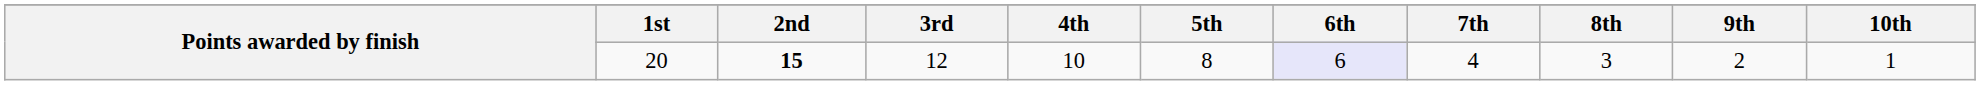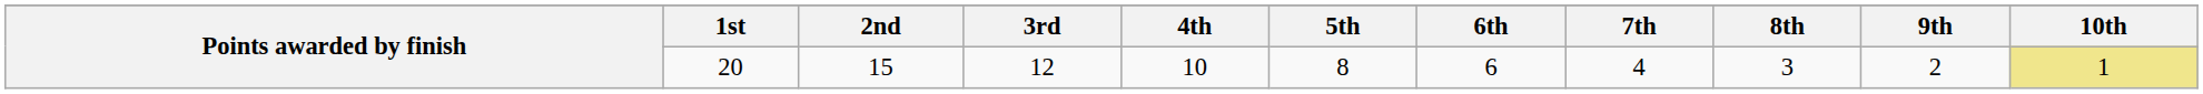 <table class="wikitable" width=100% style="text-align:center;font-size:90%;">
 <tr>
 </tr>
 <tr style="background:#efefef;">
 <th rowspan=2 width=30%>Points awarded by finish</th>
 <th>1st</th>
 <th>2nd</th>
 <th>3rd</th>
 <th>4th</th>
 <th>5th</th>
 <th>6th</th>
 <th>7th</th>
 <th>8th</th>
 <th>9th</th>
 <th>10th</th>
 </tr>
 <tr>
 <td>20</td>
-<td><strong>15</strong></td>
+<td>15</td>
 <td>12</td>
 <td>10</td>
 <td>8</td>
-<td style="background: lavender;">6</td>
+<td>6</td>
 <td>4</td>
 <td>3</td>
 <td>2</td>
-<td>1</td>
+<td style="background: khaki;">1</td>
 </tr>
 </table>
